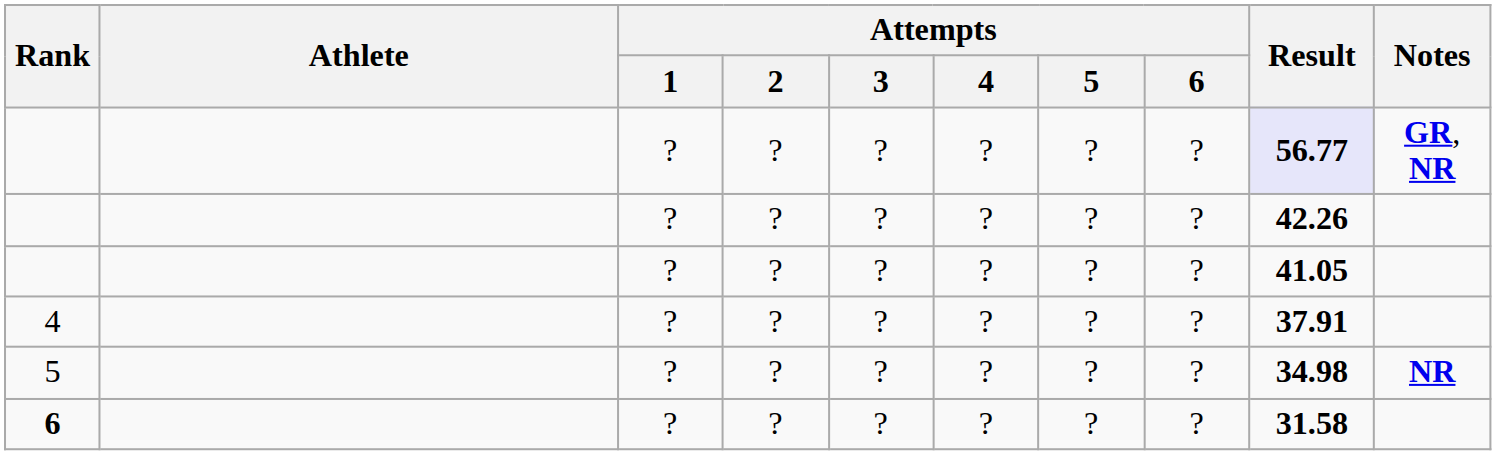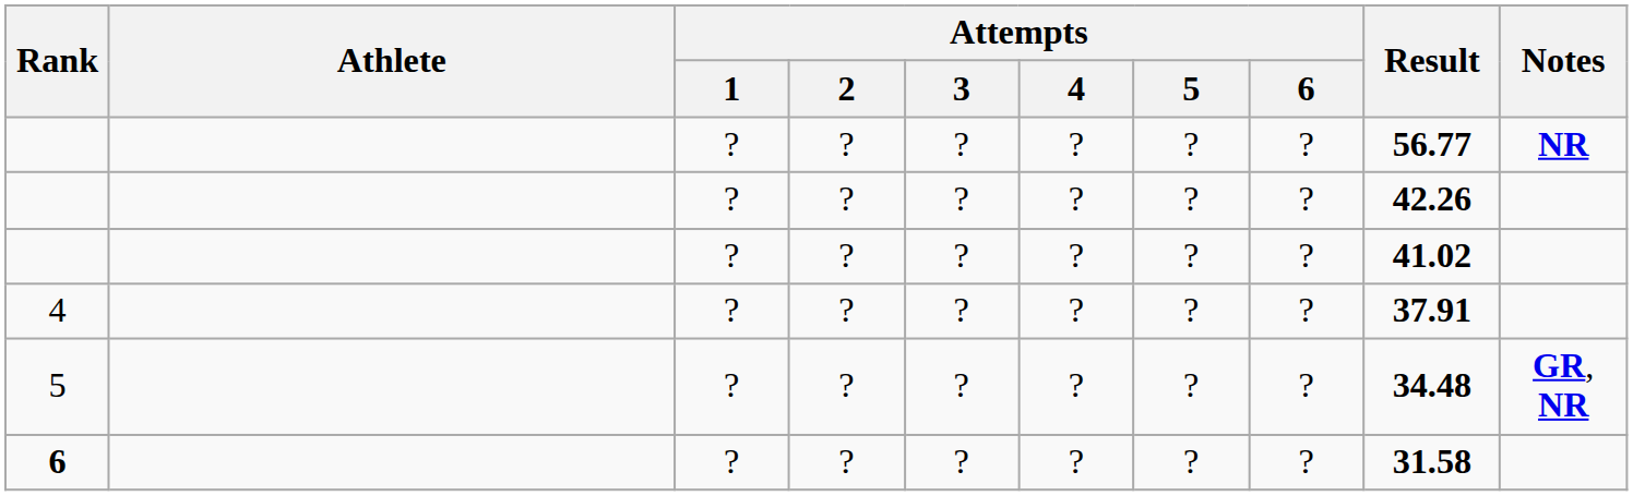 <table class="wikitable" style="text-align:center">
 <tr>
 <th rowspan=2 width=40>Rank</th>
 <th rowspan=2 width=250>Athlete</th>
 <th colspan=6>Attempts</th>
 <th rowspan=2 width=55>Result</th>
 <th rowspan=2 width=50>Notes</th>
 </tr>
 <tr>
 <th width=45>1</th>
 <th width=45>2</th>
 <th width=45>3</th>
 <th width=45>4</th>
 <th width=45>5</th>
 <th width=45>6</th>
 </tr>
 <tr>
 <td></td>
 <td align=left></td>
 <td>?</td>
 <td>?</td>
 <td>?</td>
 <td>?</td>
 <td>?</td>
 <td>?</td>
-<td style="background: lavender;"><strong>56.77</strong></td>
-<td><strong><a href='#'>GR</a></strong>, <strong><a href='#'>NR</a></strong></td>
+<td><strong>56.77</strong></td>
+<td><strong><a href='#'>NR</a></strong></td>
 </tr>
 <tr>
 <td></td>
 <td align=left></td>
 <td>?</td>
 <td>?</td>
 <td>?</td>
 <td>?</td>
 <td>?</td>
 <td>?</td>
 <td><strong>42.26</strong></td>
 <td></td>
 </tr>
 <tr>
 <td></td>
 <td align=left></td>
 <td>?</td>
 <td>?</td>
 <td>?</td>
 <td>?</td>
 <td>?</td>
 <td>?</td>
-<td><strong>41.05</strong></td>
+<td><strong>41.02</strong></td>
 <td></td>
 </tr>
 <tr>
 <td>4</td>
 <td align=left></td>
 <td>?</td>
 <td>?</td>
 <td>?</td>
 <td>?</td>
 <td>?</td>
 <td>?</td>
 <td><strong>37.91</strong></td>
 <td></td>
 </tr>
 <tr>
 <td>5</td>
 <td align=left></td>
 <td>?</td>
 <td>?</td>
 <td>?</td>
 <td>?</td>
 <td>?</td>
 <td>?</td>
-<td><strong>34.98</strong></td>
-<td><strong><a href='#'>NR</a></strong></td>
+<td><strong>34.48</strong></td>
+<td><strong><a href='#'>GR</a></strong>, <strong><a href='#'>NR</a></strong></td>
 </tr>
 <tr>
 <td><strong>6</strong></td>
 <td align=left></td>
 <td>?</td>
 <td>?</td>
 <td>?</td>
 <td>?</td>
 <td>?</td>
 <td>?</td>
 <td><strong>31.58</strong></td>
 <td></td>
 </tr>
 </table>
